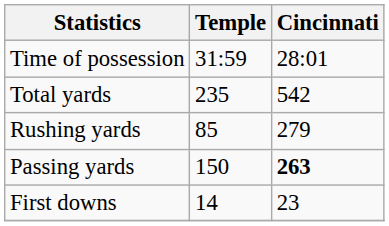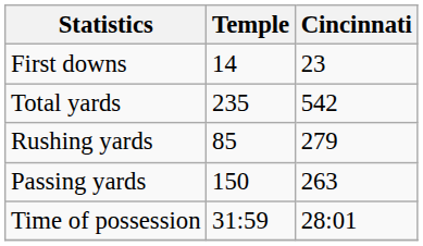 <table class="wikitable">
 <tr>
 <th>Statistics</th>
 <th>Temple</th>
 <th>Cincinnati</th>
 </tr>
 <tr>
-<td>Time of possession</td>
-<td>31:59</td>
-<td>28:01</td>
+<td>First downs</td>
+<td>14</td>
+<td>23</td>
 </tr>
 <tr>
 <td>Total yards</td>
 <td>235</td>
 <td>542</td>
 </tr>
 <tr>
 <td>Rushing yards</td>
 <td>85</td>
 <td>279</td>
 </tr>
 <tr>
 <td>Passing yards</td>
 <td>150</td>
-<td><strong>263</strong></td>
+<td>263</td>
 </tr>
 <tr>
-<td>First downs</td>
-<td>14</td>
-<td>23</td>
+<td>Time of possession</td>
+<td>31:59</td>
+<td>28:01</td>
 </tr>
 <tr>
 </tr>
 </table>
